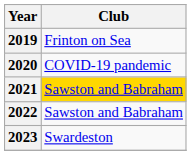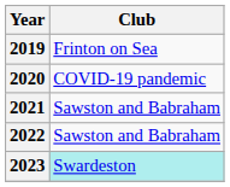 <table class="wikitable" style="font-size:85%">
 <tr>
 <th>Year</th>
 <th>Club</th>
 </tr>
 <tr>
 <th scope="row">2019</th>
 <td><a href='#'>Frinton on Sea</a></td>
 </tr>
 <tr>
 <th scope="row">2020</th>
 <td><a href='#'>COVID-19 pandemic</a></td>
 </tr>
 <tr>
 <th scope="row">2021</th>
-<td style="background: gold;"><a href='#'>Sawston and Babraham</a></td>
+<td><a href='#'>Sawston and Babraham</a></td>
 </tr>
 <tr>
 <th scope="row">2022</th>
 <td><a href='#'>Sawston and Babraham</a></td>
 </tr>
 <tr>
 <th scope="row">2023</th>
-<td><a href='#'>Swardeston</a></td>
+<td style="background: paleturquoise;"><a href='#'>Swardeston</a></td>
 </tr>
 <tr>
 </tr>
 </table>
